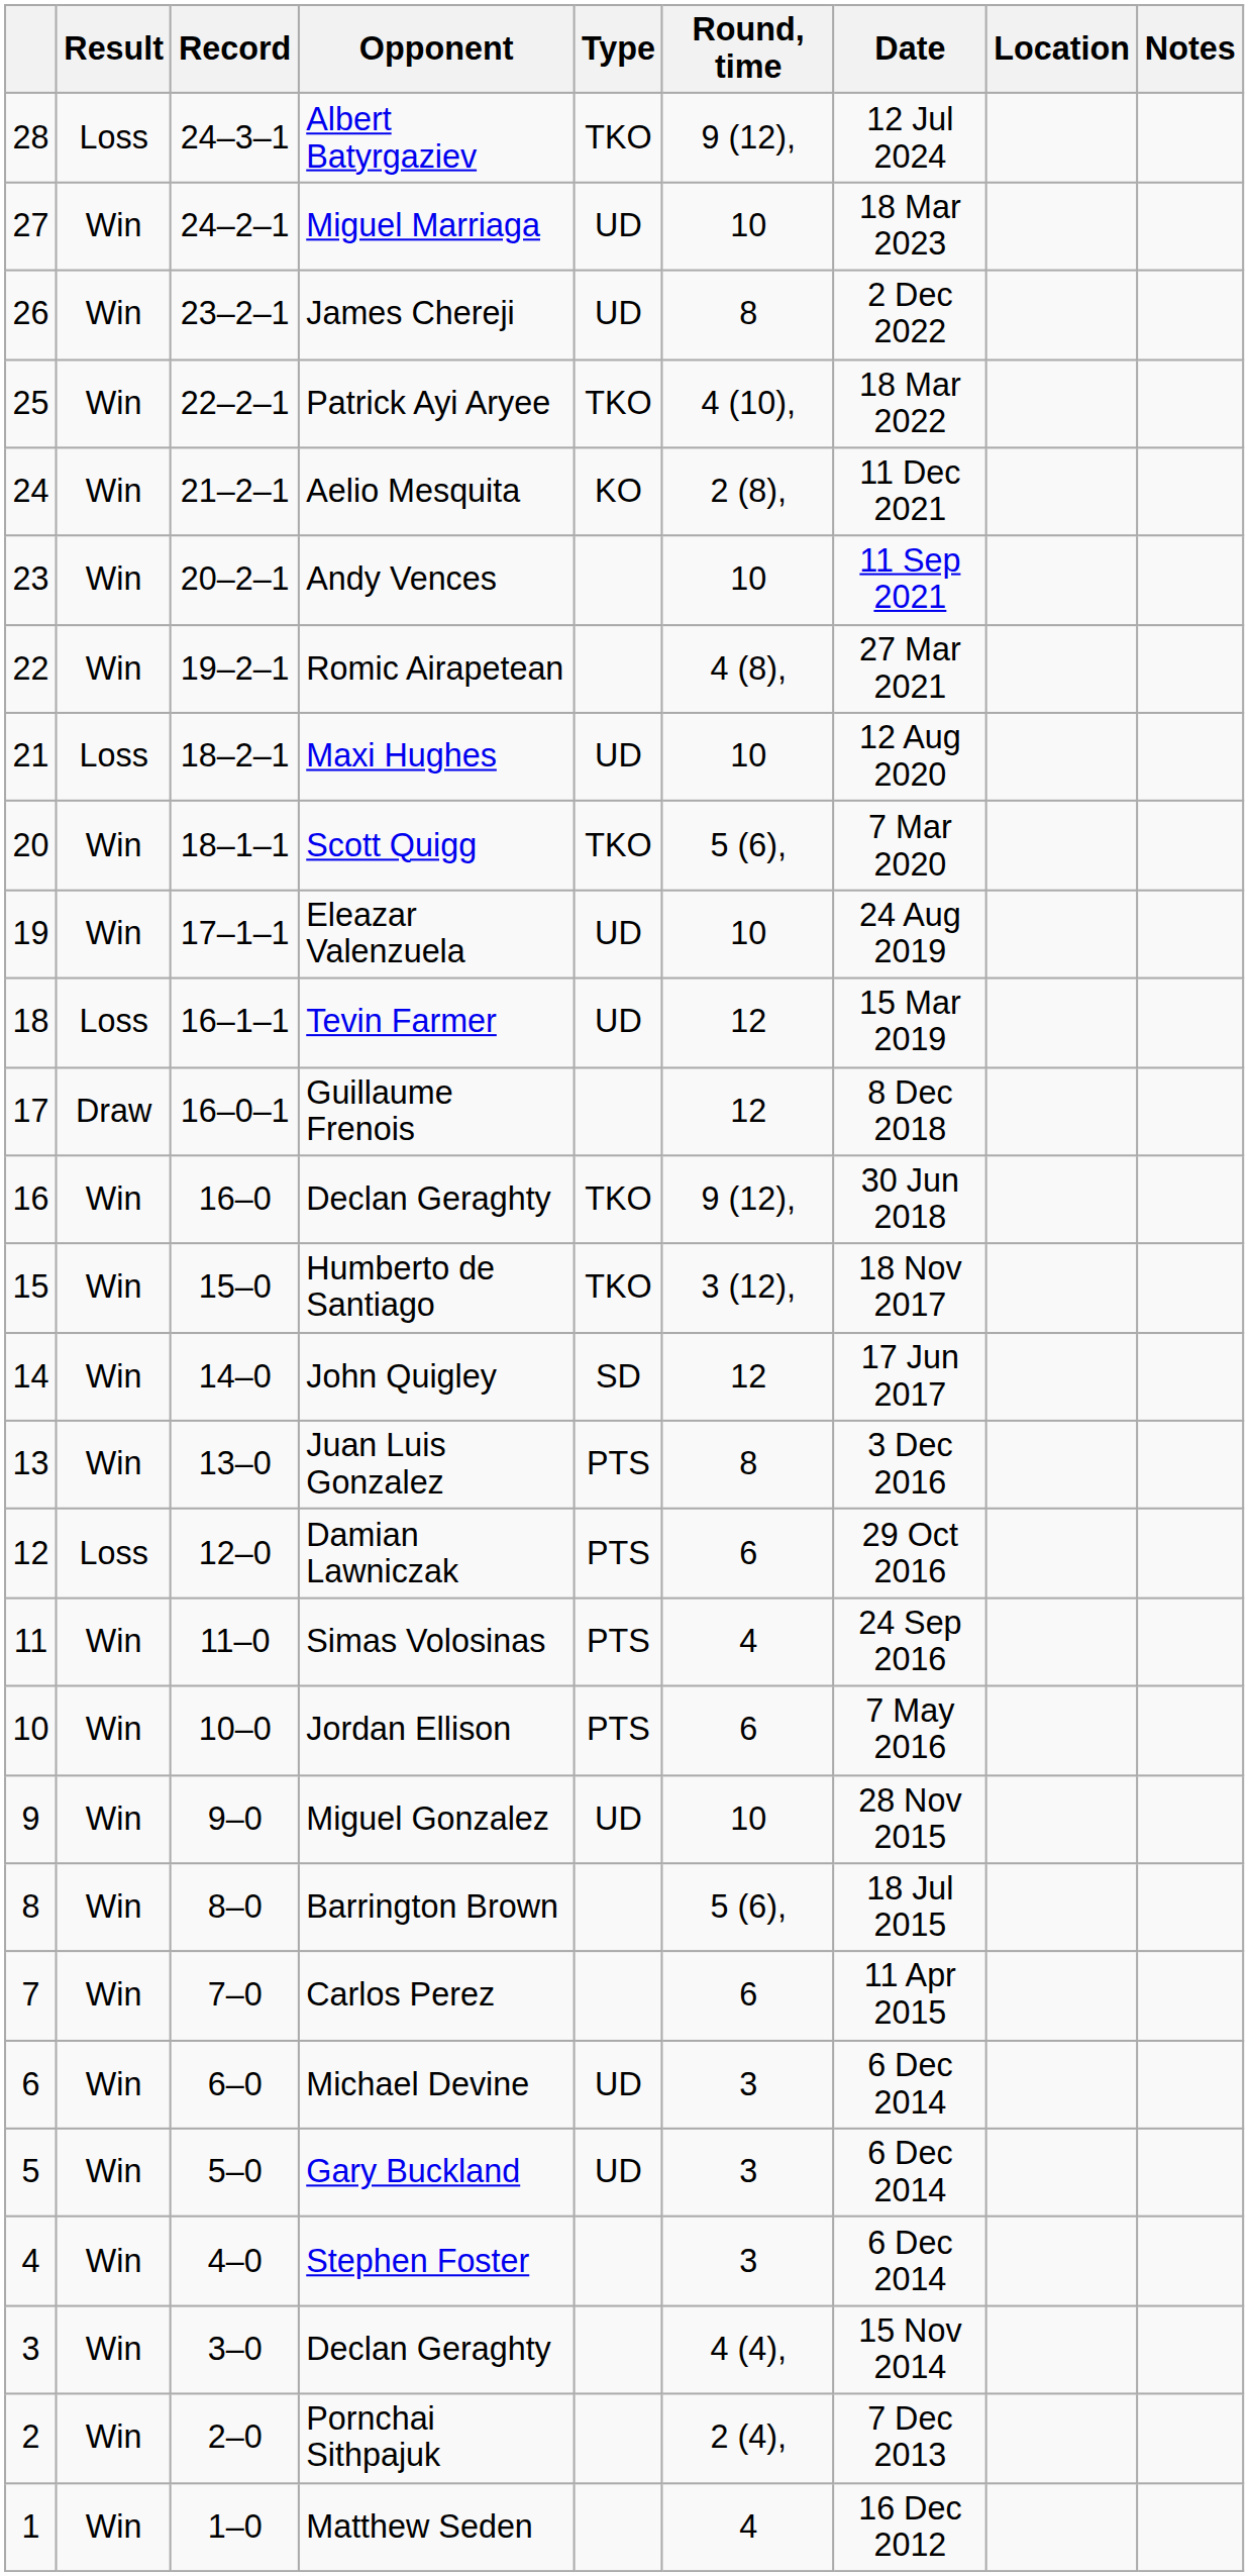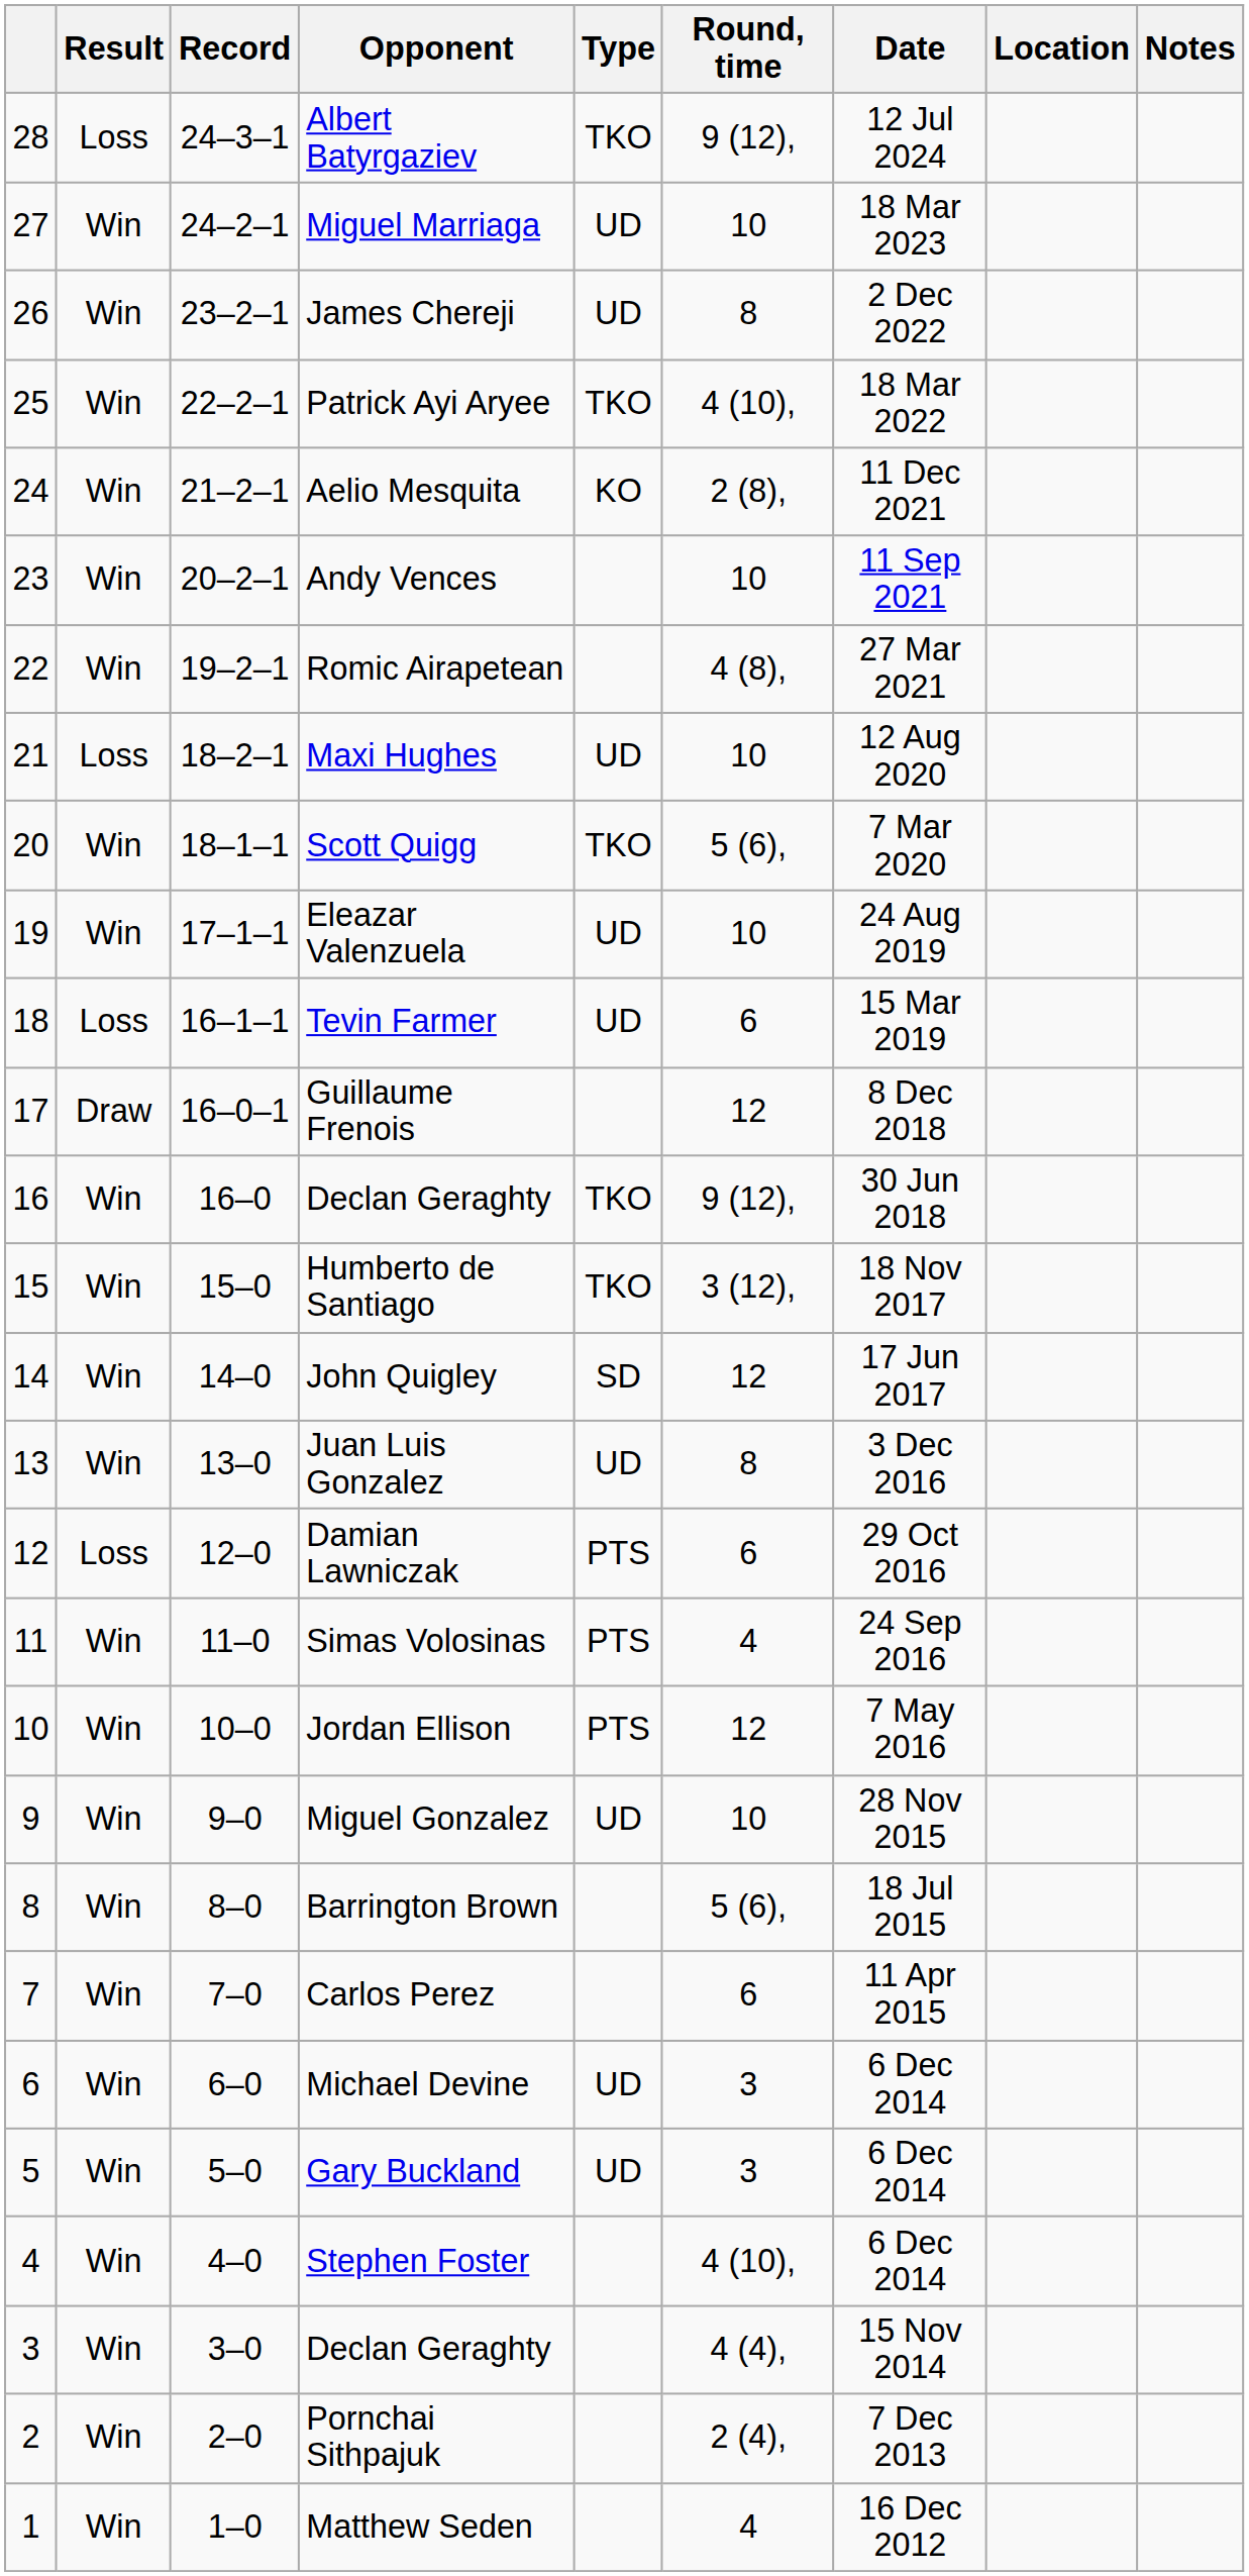 <table class="wikitable" style="text-align:center">
 <tr>
 <th></th>
 <th>Result</th>
 <th>Record</th>
 <th>Opponent</th>
 <th>Type</th>
 <th>Round, time</th>
 <th>Date</th>
 <th>Location</th>
 <th>Notes</th>
 </tr>
 <tr>
 <td>28</td>
 <td>Loss</td>
 <td>24–3–1</td>
 <td align="left"><a href='#'>Albert Batyrgaziev</a></td>
 <td>TKO</td>
 <td>9 (12), </td>
 <td>12 Jul 2024</td>
 <td align="left"></td>
 <td></td>
 </tr>
 <tr>
 <td>27</td>
 <td>Win</td>
 <td>24–2–1</td>
 <td align="left"><a href='#'>Miguel Marriaga</a></td>
 <td>UD</td>
 <td>10</td>
 <td>18 Mar 2023</td>
 <td align="left"></td>
 <td></td>
 </tr>
 <tr>
 <td>26</td>
 <td>Win</td>
 <td>23–2–1</td>
 <td align="left">James Chereji</td>
 <td>UD</td>
 <td>8</td>
 <td>2 Dec 2022</td>
 <td align="left"></td>
 <td></td>
 </tr>
 <tr>
 <td>25</td>
 <td>Win</td>
 <td>22–2–1</td>
 <td align=left>Patrick Ayi Aryee</td>
 <td>TKO</td>
 <td>4 (10), </td>
 <td>18 Mar 2022</td>
 <td align=left></td>
 <td></td>
 </tr>
 <tr>
 <td>24</td>
 <td>Win</td>
 <td>21–2–1</td>
 <td align=left>Aelio Mesquita</td>
 <td>KO</td>
 <td>2 (8), </td>
 <td>11 Dec 2021</td>
 <td align=left></td>
 <td></td>
 </tr>
 <tr>
 <td>23</td>
 <td>Win</td>
 <td>20–2–1</td>
 <td align=left>Andy Vences</td>
 <td></td>
 <td>10</td>
 <td><a href='#'>11 Sep 2021</a></td>
 <td align=left></td>
 <td></td>
 </tr>
 <tr>
 <td>22</td>
 <td>Win</td>
 <td>19–2–1</td>
 <td align=left>Romic Airapetean</td>
 <td></td>
 <td>4 (8), </td>
 <td>27 Mar 2021</td>
 <td align=left></td>
 <td></td>
 </tr>
 <tr>
 <td>21</td>
 <td>Loss</td>
 <td>18–2–1</td>
 <td align=left><a href='#'>Maxi Hughes</a></td>
 <td>UD</td>
 <td>10</td>
 <td>12 Aug 2020</td>
 <td align=left></td>
 <td></td>
 </tr>
 <tr>
 <td>20</td>
 <td>Win</td>
 <td>18–1–1</td>
 <td align=left><a href='#'>Scott Quigg</a></td>
 <td>TKO</td>
 <td>5 (6), </td>
 <td>7 Mar 2020</td>
 <td align=left></td>
 <td></td>
 </tr>
 <tr>
 <td>19</td>
 <td>Win</td>
 <td>17–1–1</td>
 <td align=left>Eleazar Valenzuela</td>
 <td>UD</td>
 <td>10</td>
 <td>24 Aug 2019</td>
 <td align=left></td>
 <td></td>
 </tr>
 <tr>
 <td>18</td>
 <td>Loss</td>
 <td>16–1–1</td>
 <td align=left><a href='#'>Tevin Farmer</a></td>
 <td>UD</td>
-<td>12</td>
+<td>6</td>
 <td>15 Mar 2019</td>
 <td align=left></td>
 <td align=left></td>
 </tr>
 <tr>
 <td>17</td>
 <td>Draw</td>
 <td>16–0–1</td>
 <td align=left>Guillaume Frenois</td>
 <td></td>
 <td>12</td>
 <td>8 Dec 2018</td>
 <td align=left></td>
 <td></td>
 </tr>
 <tr>
 <td>16</td>
 <td>Win</td>
 <td>16–0</td>
 <td align=left>Declan Geraghty</td>
 <td>TKO</td>
 <td>9 (12), </td>
 <td>30 Jun 2018</td>
 <td align=left></td>
 <td align=left></td>
 </tr>
 <tr>
 <td>15</td>
 <td>Win</td>
 <td>15–0</td>
 <td align=left>Humberto de Santiago</td>
 <td>TKO</td>
 <td>3 (12), </td>
 <td>18 Nov 2017</td>
 <td align=left></td>
 <td align=left></td>
 </tr>
 <tr>
 <td>14</td>
 <td>Win</td>
 <td>14–0</td>
 <td align=left>John Quigley</td>
 <td>SD</td>
 <td>12</td>
 <td>17 Jun 2017</td>
 <td align=left></td>
 <td align=left></td>
 </tr>
 <tr>
 <td>13</td>
 <td>Win</td>
 <td>13–0</td>
 <td align=left>Juan Luis Gonzalez</td>
-<td>PTS</td>
+<td>UD</td>
 <td>8</td>
 <td>3 Dec 2016</td>
 <td align=left></td>
 <td></td>
 </tr>
 <tr>
 <td>12</td>
 <td>Loss</td>
 <td>12–0</td>
 <td align=left>Damian Lawniczak</td>
 <td>PTS</td>
 <td>6</td>
 <td>29 Oct 2016</td>
 <td align=left></td>
 <td></td>
 </tr>
 <tr>
 <td>11</td>
 <td>Win</td>
 <td>11–0</td>
 <td align=left>Simas Volosinas</td>
 <td>PTS</td>
 <td>4</td>
 <td>24 Sep 2016</td>
 <td align=left></td>
 <td></td>
 </tr>
 <tr>
 <td>10</td>
 <td>Win</td>
 <td>10–0</td>
 <td align=left>Jordan Ellison</td>
 <td>PTS</td>
-<td>6</td>
+<td>12</td>
 <td>7 May 2016</td>
 <td align=left></td>
 <td></td>
 </tr>
 <tr>
 <td>9</td>
 <td>Win</td>
 <td>9–0</td>
 <td align=left>Miguel Gonzalez</td>
 <td>UD</td>
 <td>10</td>
 <td>28 Nov 2015</td>
 <td align=left></td>
 <td></td>
 </tr>
 <tr>
 <td>8</td>
 <td>Win</td>
 <td>8–0</td>
 <td align=left>Barrington Brown</td>
 <td></td>
 <td>5 (6), </td>
 <td>18 Jul 2015</td>
 <td align=left></td>
 <td align=left></td>
 </tr>
 <tr>
 <td>7</td>
 <td>Win</td>
 <td>7–0</td>
 <td align=left>Carlos Perez</td>
 <td></td>
 <td>6</td>
 <td>11 Apr 2015</td>
 <td align=left></td>
 <td></td>
 </tr>
 <tr>
 <td>6</td>
 <td>Win</td>
 <td>6–0</td>
 <td align=left>Michael Devine</td>
 <td>UD</td>
 <td>3</td>
 <td>6 Dec 2014</td>
 <td align=left></td>
 <td align=left></td>
 </tr>
 <tr>
 <td>5</td>
 <td>Win</td>
 <td>5–0</td>
 <td align=left><a href='#'>Gary Buckland</a></td>
 <td>UD</td>
 <td>3</td>
 <td>6 Dec 2014</td>
 <td align=left></td>
 <td align=left></td>
 </tr>
 <tr>
 <td>4</td>
 <td>Win</td>
 <td>4–0</td>
 <td align=left><a href='#'>Stephen Foster</a></td>
 <td></td>
-<td>3</td>
+<td>4 (10), </td>
 <td>6 Dec 2014</td>
 <td align=left></td>
 <td align=left></td>
 </tr>
 <tr>
 <td>3</td>
 <td>Win</td>
 <td>3–0</td>
 <td align=left>Declan Geraghty</td>
 <td></td>
 <td>4 (4), </td>
 <td>15 Nov 2014</td>
 <td align=left></td>
 <td align=left></td>
 </tr>
 <tr>
 <td>2</td>
 <td>Win</td>
 <td>2–0</td>
 <td align=left>Pornchai Sithpajuk</td>
 <td></td>
 <td>2 (4), </td>
 <td>7 Dec 2013</td>
 <td align=left></td>
 <td></td>
 </tr>
 <tr>
 <td>1</td>
 <td>Win</td>
 <td>1–0</td>
 <td align=left>Matthew Seden</td>
 <td></td>
 <td>4</td>
 <td>16 Dec 2012</td>
 <td align=left></td>
 <td></td>
 </tr>
 </table>
